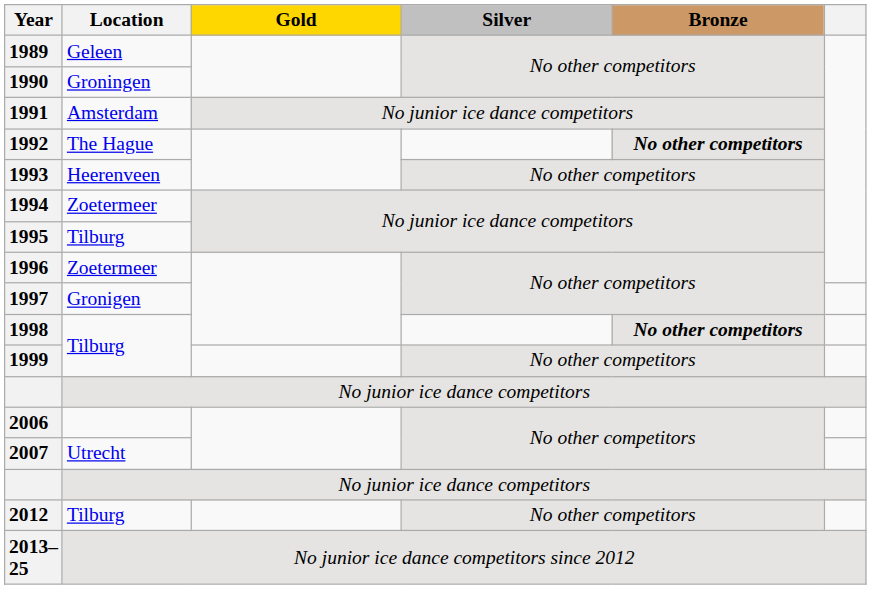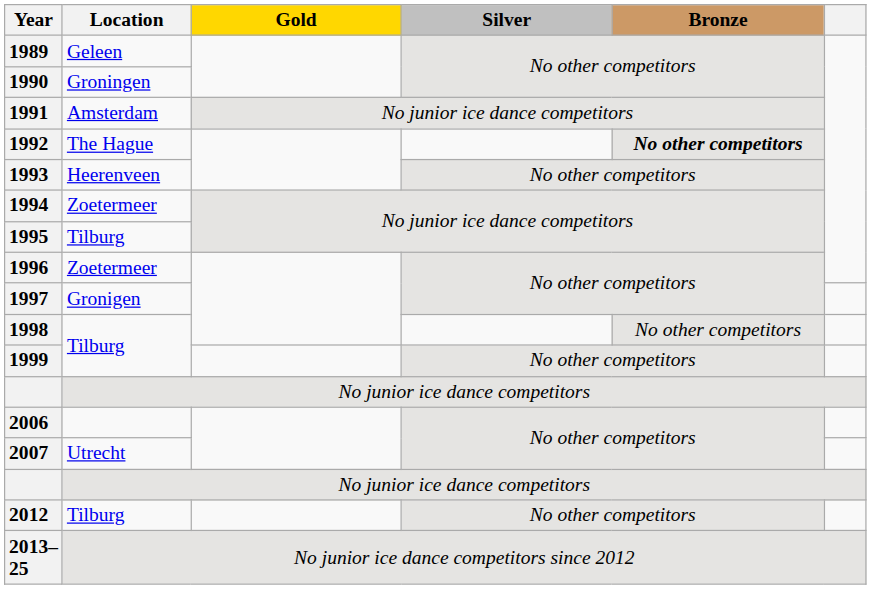 <table class="wikitable unsortable" style="text-align:left; width:80%">
 <tr>
 <th scope="col" style="text-align:center; width:5%">Year</th>
 <th scope="col" style="text-align:center; width:15%">Location</th>
 <th scope="col" style="text-align:center; width:25%; background:gold">Gold</th>
 <th scope="col" style="text-align:center; width:25%; background:silver">Silver</th>
 <th scope="col" style="text-align:center; width:25%; background:#c96">Bronze</th>
 <th scope="col" style="text-align:center; width:5%"></th>
 </tr>
 <tr>
 <th scope="row" style="text-align:left">1989</th>
 <td><a href='#'>Geleen</a></td>
 <td rowspan="2"></td>
 <td colspan="2" rowspan="2" align="center" bgcolor="e5e4e2"><em>No other competitors</em></td>
 <td rowspan="8"></td>
 </tr>
 <tr>
 <th scope="row" style="text-align:left">1990</th>
 <td><a href='#'>Groningen</a></td>
 </tr>
 <tr>
 <th scope="row" style="text-align:left">1991</th>
 <td><a href='#'>Amsterdam</a></td>
 <td colspan="3" align="center" bgcolor="e5e4e2"><em>No junior ice dance competitors</em></td>
 </tr>
 <tr>
 <th scope="row" style="text-align:left">1992</th>
 <td><a href='#'>The Hague</a></td>
 <td rowspan="2"></td>
 <td></td>
 <td align="center" bgcolor="e5e4e2"><strong><em>No other competitors</em></strong></td>
 </tr>
 <tr>
 <th scope="row" style="text-align:left">1993</th>
 <td><a href='#'>Heerenveen</a></td>
 <td colspan="2" align="center" bgcolor="e5e4e2"><em>No other competitors</em></td>
 </tr>
 <tr>
 <th scope="row" style="text-align:left">1994</th>
 <td><a href='#'>Zoetermeer</a></td>
 <td colspan="3" rowspan="2" align="center" bgcolor="e5e4e2"><em>No junior ice dance competitors</em></td>
 </tr>
 <tr>
 <th scope="row" style="text-align:left">1995</th>
 <td><a href='#'>Tilburg</a></td>
 </tr>
 <tr>
 <th scope="row" style="text-align:left">1996</th>
 <td><a href='#'>Zoetermeer</a></td>
 <td rowspan="3"></td>
 <td colspan="2" rowspan="2" align="center" bgcolor="e5e4e2"><em>No other competitors</em></td>
 </tr>
 <tr>
 <th scope="row" style="text-align:left">1997</th>
 <td><a href='#'>Gronigen</a></td>
 <td></td>
 </tr>
 <tr>
 <th scope="row" style="text-align:left">1998</th>
 <td rowspan="2"><a href='#'>Tilburg</a></td>
 <td></td>
-<td align="center" bgcolor="e5e4e2"><strong><em>No other competitors</em></strong></td>
+<td align="center" bgcolor="e5e4e2"><em>No other competitors</em></td>
 <td></td>
 </tr>
 <tr>
 <th scope="row" style="text-align:left">1999</th>
 <td></td>
 <td colspan="2" align="center" bgcolor="e5e4e2"><em>No other competitors</em></td>
 <td></td>
 </tr>
 <tr>
 <th scope="row" style="text-align:left"></th>
 <td colspan="5" align="center" bgcolor="e5e4e2"><em>No junior ice dance competitors</em></td>
 </tr>
 <tr>
 <th scope="row" style="text-align:left">2006</th>
 <td></td>
 <td rowspan="2"></td>
 <td colspan="2" rowspan="2" align="center" bgcolor="e5e4e2"><em>No other competitors</em></td>
 <td></td>
 </tr>
 <tr>
 <th scope="row" style="text-align:left">2007</th>
 <td><a href='#'>Utrecht</a></td>
 <td></td>
 </tr>
 <tr>
 <th scope="row" style="text-align:left"></th>
 <td colspan="5" align="center" bgcolor="e5e4e2"><em>No junior ice dance competitors</em></td>
 </tr>
 <tr>
 <th scope="row" style="text-align:left">2012</th>
 <td><a href='#'>Tilburg</a></td>
 <td></td>
 <td colspan="2" align="center" bgcolor="e5e4e2"><em>No other competitors</em></td>
 <td></td>
 </tr>
 <tr>
 <th scope="row" style="text-align:left">2013–25</th>
 <td colspan="5" align="center" bgcolor="e5e4e2"><em>No junior ice dance competitors since 2012</em></td>
 </tr>
 </table>
